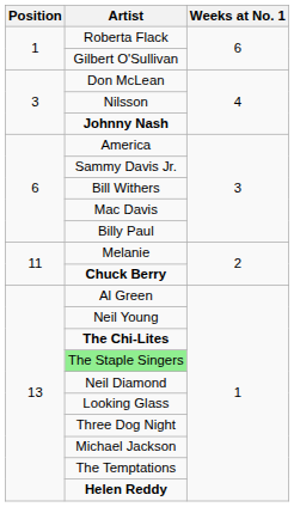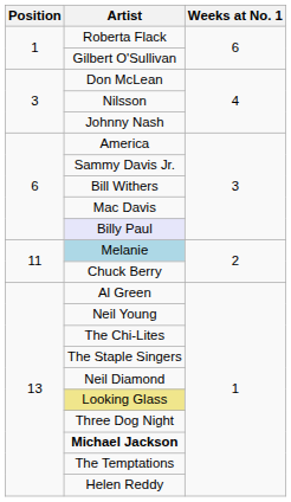 <table class="wikitable plainrowheaders" style="text-align:center;">
 <tr>
 <th>Position</th>
 <th>Artist</th>
 <th>Weeks at No. 1</th>
 </tr>
 <tr>
 <td rowspan=2>1</td>
 <td>Roberta Flack</td>
 <td rowspan=2>6</td>
 </tr>
 <tr>
 <td>Gilbert O'Sullivan</td>
 </tr>
 <tr>
 <td rowspan=3>3</td>
 <td>Don McLean</td>
 <td rowspan=3>4</td>
 </tr>
 <tr>
 <td>Nilsson</td>
 </tr>
 <tr>
-<td><strong>Johnny Nash</strong></td>
+<td>Johnny Nash</td>
 </tr>
 <tr>
 <td rowspan=5>6</td>
 <td>America</td>
 <td rowspan=5>3</td>
 </tr>
 <tr>
 <td>Sammy Davis Jr.</td>
 </tr>
 <tr>
 <td>Bill Withers</td>
 </tr>
 <tr>
 <td>Mac Davis</td>
 </tr>
 <tr>
-<td>Billy Paul</td>
+<td style="background: lavender;">Billy Paul</td>
 </tr>
 <tr>
 <td rowspan=2>11</td>
-<td>Melanie</td>
+<td style="background: lightblue;">Melanie</td>
 <td rowspan=2>2</td>
 </tr>
 <tr>
-<td><strong>Chuck Berry</strong></td>
+<td>Chuck Berry</td>
 </tr>
 <tr>
 <td rowspan=10>13</td>
 <td>Al Green</td>
 <td rowspan=10>1</td>
 </tr>
 <tr>
 <td>Neil Young</td>
 </tr>
 <tr>
-<td><strong>The Chi-Lites</strong></td>
+<td>The Chi-Lites</td>
 </tr>
 <tr>
-<td style="background: lightgreen;">The Staple Singers</td>
+<td>The Staple Singers</td>
 </tr>
 <tr>
 <td>Neil Diamond</td>
 </tr>
 <tr>
-<td>Looking Glass</td>
+<td style="background: khaki;">Looking Glass</td>
 </tr>
 <tr>
 <td>Three Dog Night</td>
 </tr>
 <tr>
-<td>Michael Jackson</td>
+<td><strong>Michael Jackson</strong></td>
 </tr>
 <tr>
 <td>The Temptations</td>
 </tr>
 <tr>
-<td><strong>Helen Reddy</strong></td>
+<td>Helen Reddy</td>
 </tr>
 </table>
